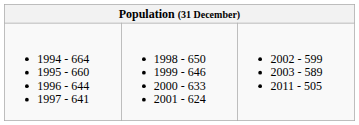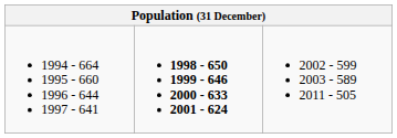 <table class=wikitable>
 <tr>
 <th colspan=3>Population <small>(31 December) </small></th>
 </tr>
 <tr>
 <td valign="top" width="25%"><br><ul><li>1994 - 664</li><li>1995 - 660</li><li>1996 - 644</li><li>1997 - 641</li></ul></td>
-<td valign="top" width="25%"><br><ul><li>1998 - 650</li><li>1999 - 646</li><li>2000 - 633</li><li>2001 - 624</li></ul></td>
+<td valign="top" width="25%"><strong><br><ul><li>1998 - 650</li><li>1999 - 646</li><li>2000 - 633</li><li>2001 - 624</li></ul></strong></td>
 <td valign="top" width="25%"><br><ul><li>2002 - 599</li><li>2003 - 589</li><li>2011 - 505</li></ul></td>
 </tr>
 </table>
